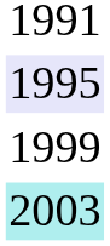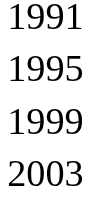 <table>
 <tr>
 <td>1991</td>
 <td></td>
 <td></td>
 <td></td>
 </tr>
 <tr>
-<td style="background: lavender;">1995</td>
+<td>1995</td>
 <td></td>
 <td></td>
 <td></td>
 </tr>
 <tr>
 <td>1999</td>
 <td></td>
 <td></td>
 <td></td>
 </tr>
 <tr>
-<td style="background: paleturquoise;">2003</td>
+<td>2003</td>
 <td></td>
 <td></td>
 <td></td>
 </tr>
 </table>
